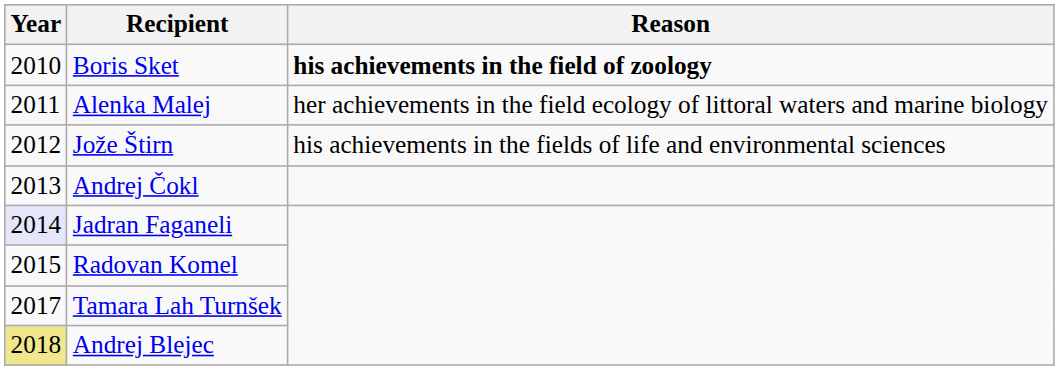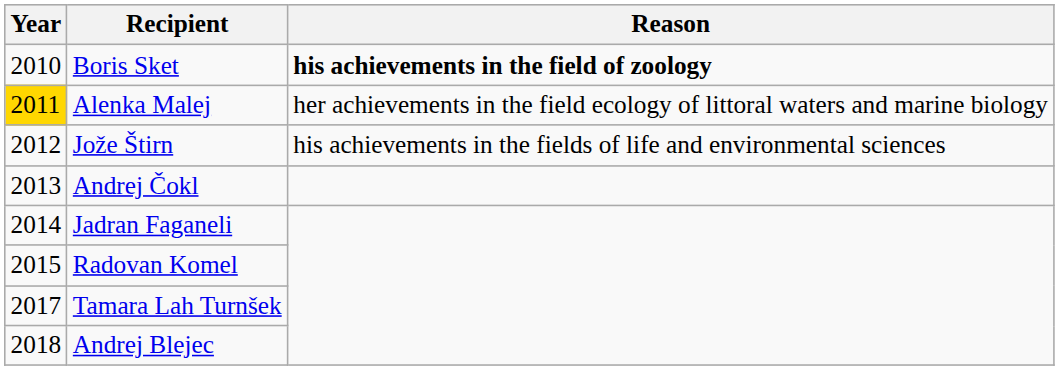 <table class="wikitable sortable">
 <tr>
 <th>Year</th>
 <th>Recipient</th>
 <th>Reason</th>
 </tr>
 <tr>
 <td>2010</td>
 <td><a href='#'>Boris Sket</a></td>
 <td><strong>his achievements in the field of zoology</strong></td>
 </tr>
 <tr>
-<td>2011</td>
+<td style="background: gold;">2011</td>
 <td><a href='#'>Alenka Malej</a></td>
 <td>her achievements in the field ecology of littoral waters and marine biology</td>
 </tr>
 <tr>
 <td>2012</td>
 <td><a href='#'>Jože Štirn</a></td>
 <td>his achievements in the fields of life and environmental sciences</td>
 </tr>
 <tr>
 <td>2013</td>
 <td><a href='#'>Andrej Čokl</a></td>
 <td></td>
 </tr>
 <tr>
-<td style="background: lavender;">2014</td>
+<td>2014</td>
 <td><a href='#'>Jadran Faganeli</a></td>
 </tr>
 <tr>
 <td>2015</td>
 <td><a href='#'>Radovan Komel</a></td>
 </tr>
 <tr>
 <td>2017</td>
 <td><a href='#'>Tamara Lah Turnšek</a></td>
 </tr>
 <tr>
-<td style="background: khaki;">2018</td>
+<td>2018</td>
 <td><a href='#'>Andrej Blejec</a></td>
 </tr>
 </table>
